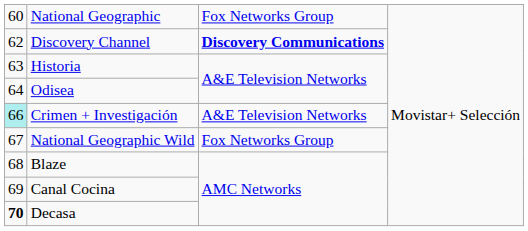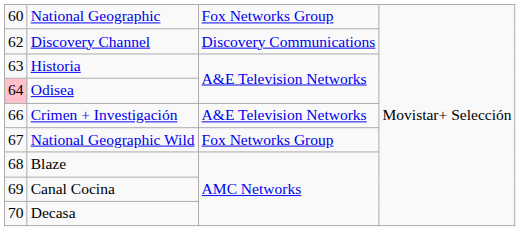 <table class="wikitable">
 <tr>
 <td>60</td>
 <td><a href='#'>National Geographic</a></td>
 <td><a href='#'>Fox Networks Group</a></td>
 <td rowspan="10">Movistar+ Selección</td>
 </tr>
 <tr>
 <td>62</td>
 <td><a href='#'>Discovery Channel</a></td>
-<td><strong><a href='#'>Discovery Communications</a></strong></td>
+<td><a href='#'>Discovery Communications</a></td>
 </tr>
 <tr>
 <td>63</td>
 <td><a href='#'>Historia</a></td>
 <td rowspan="2"><a href='#'>A&E Television Networks</a></td>
 </tr>
 <tr>
-<td>64</td>
+<td style="background: pink;">64</td>
 <td><a href='#'>Odisea</a></td>
 </tr>
 <tr>
-<td style="background: paleturquoise;">66</td>
+<td>66</td>
 <td><a href='#'>Crimen + Investigación</a></td>
 <td><a href='#'>A&E Television Networks</a></td>
 </tr>
 <tr>
 <td>67</td>
 <td><a href='#'>National Geographic Wild</a></td>
 <td><a href='#'>Fox Networks Group</a></td>
 </tr>
 <tr>
 <td>68</td>
 <td>Blaze</td>
 <td rowspan="3"><a href='#'>AMC Networks</a></td>
 </tr>
 <tr>
 <td>69</td>
 <td>Canal Cocina</td>
 </tr>
 <tr>
-<td><strong>70</strong></td>
+<td>70</td>
 <td>Decasa</td>
 </tr>
 </table>
